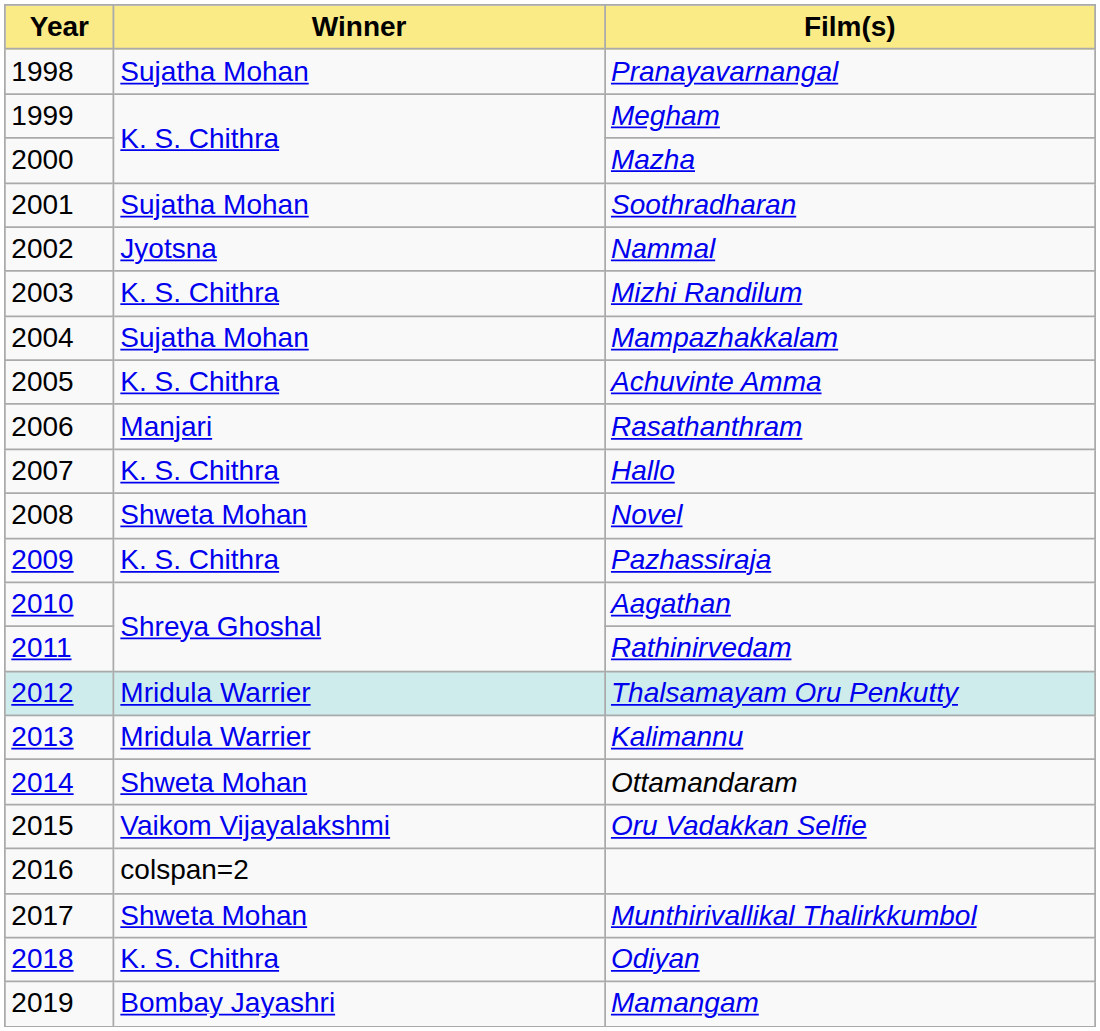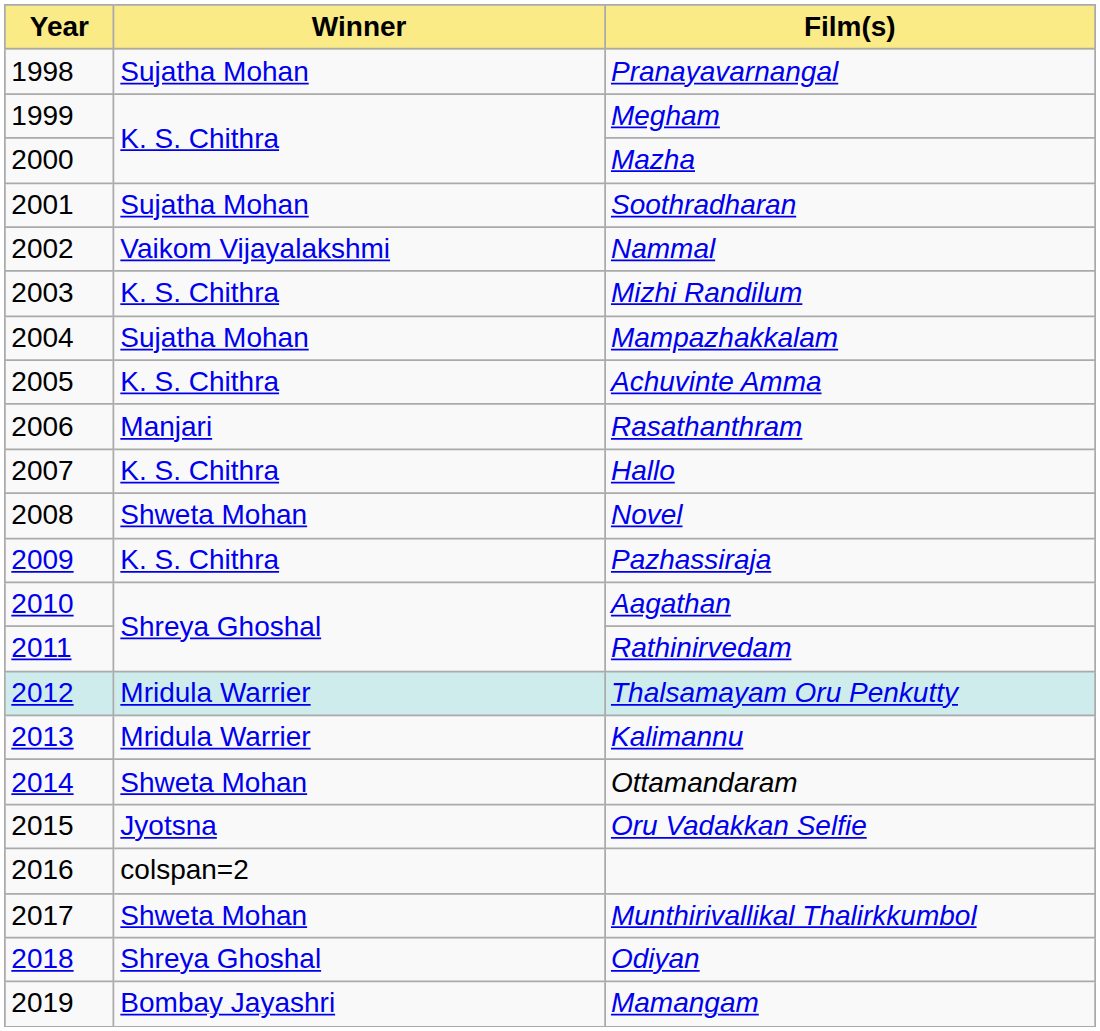 <table class="wikitable" style="width:100%">
 <tr bgcolor="#bebebe">
 <th width="10%" style="background:#FAEB86">Year</th>
 <th width="45%" style="background:#FAEB86">Winner</th>
 <th width="45%" style="background:#FAEB86">Film(s)</th>
 </tr>
 <tr>
 <td>1998</td>
 <td><a href='#'>Sujatha Mohan</a></td>
 <td><em><a href='#'>Pranayavarnangal</a></em></td>
 </tr>
 <tr>
 <td>1999</td>
 <td rowspan="2"><a href='#'>K. S. Chithra</a></td>
 <td><em><a href='#'>Megham</a></em></td>
 </tr>
 <tr>
 <td>2000</td>
 <td><em><a href='#'>Mazha</a></em></td>
 </tr>
 <tr>
 <td>2001</td>
 <td><a href='#'>Sujatha Mohan</a></td>
 <td><em><a href='#'>Soothradharan</a></em></td>
 </tr>
 <tr>
 <td>2002</td>
-<td><a href='#'>Jyotsna</a></td>
+<td><a href='#'>Vaikom Vijayalakshmi</a></td>
 <td><em><a href='#'>Nammal</a></em></td>
 </tr>
 <tr>
 <td>2003</td>
 <td><a href='#'>K. S. Chithra</a></td>
 <td><em><a href='#'>Mizhi Randilum</a></em></td>
 </tr>
 <tr>
 <td>2004</td>
 <td><a href='#'>Sujatha Mohan</a></td>
 <td><em><a href='#'>Mampazhakkalam</a></em></td>
 </tr>
 <tr>
 <td>2005</td>
 <td><a href='#'>K. S. Chithra</a></td>
 <td><em><a href='#'>Achuvinte Amma</a></em></td>
 </tr>
 <tr>
 <td>2006</td>
 <td><a href='#'>Manjari</a></td>
 <td><em><a href='#'>Rasathanthram</a></em></td>
 </tr>
 <tr>
 <td>2007</td>
 <td><a href='#'>K. S. Chithra</a></td>
 <td><em><a href='#'>Hallo</a></em></td>
 </tr>
 <tr>
 <td>2008</td>
 <td><a href='#'>Shweta Mohan</a></td>
 <td><em><a href='#'>Novel</a></em></td>
 </tr>
 <tr>
 <td><a href='#'>2009</a></td>
 <td><a href='#'>K. S. Chithra</a></td>
 <td><em><a href='#'>Pazhassiraja</a></em></td>
 </tr>
 <tr>
 <td><a href='#'>2010</a></td>
 <td rowspan="2"><a href='#'>Shreya Ghoshal</a></td>
 <td><em><a href='#'>Aagathan</a></em></td>
 </tr>
 <tr>
 <td><a href='#'>2011</a></td>
 <td><em><a href='#'>Rathinirvedam</a></em></td>
 </tr>
 <tr bgcolor="#cfecec">
 <td><a href='#'>2012</a></td>
 <td><a href='#'>Mridula Warrier</a></td>
 <td><em><a href='#'>Thalsamayam Oru Penkutty</a></em></td>
 </tr>
 <tr>
 <td><a href='#'>2013</a></td>
 <td><a href='#'>Mridula Warrier</a></td>
 <td><em><a href='#'>Kalimannu</a></em></td>
 </tr>
 <tr>
 <td><a href='#'>2014</a></td>
 <td><a href='#'>Shweta Mohan</a></td>
 <td><em>Ottamandaram</em></td>
 </tr>
 <tr>
 <td>2015</td>
-<td><a href='#'>Vaikom Vijayalakshmi</a></td>
+<td><a href='#'>Jyotsna</a></td>
 <td><em><a href='#'>Oru Vadakkan Selfie</a></em></td>
 </tr>
 <tr>
 <td>2016</td>
 <td>colspan=2 </td>
 </tr>
 <tr>
 <td>2017</td>
 <td><a href='#'>Shweta Mohan</a></td>
 <td><em><a href='#'>Munthirivallikal Thalirkkumbol</a></em></td>
 </tr>
 <tr>
 <td><a href='#'>2018</a></td>
-<td><a href='#'>K. S. Chithra</a></td>
+<td><a href='#'>Shreya Ghoshal</a></td>
 <td><em><a href='#'>Odiyan</a></em></td>
 </tr>
 <tr>
 <td>2019</td>
 <td><a href='#'>Bombay Jayashri</a></td>
 <td><em><a href='#'>Mamangam</a></em></td>
 </tr>
 </table>
